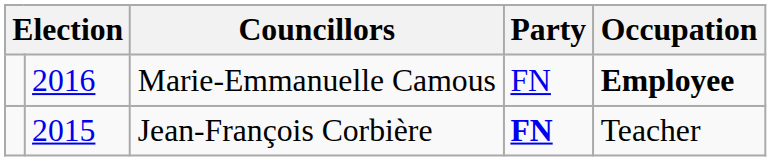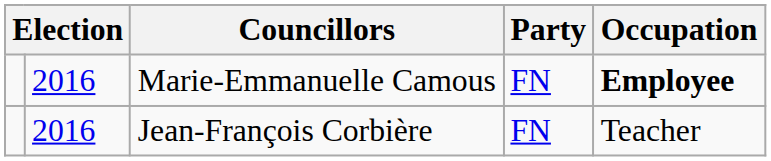 <table class="wikitable">
 <tr>
 <th colspan="2">Election</th>
 <th>Councillors</th>
 <th>Party</th>
 <th>Occupation</th>
 </tr>
 <tr>
 <td style="background-color: "></td>
 <td><a href='#'>2016</a></td>
 <td>Marie-Emmanuelle Camous</td>
 <td><a href='#'>FN</a></td>
 <td><strong>Employee</strong></td>
 </tr>
 <tr>
 <td style="background-color: "></td>
-<td><a href='#'>2015</a></td>
+<td><a href='#'>2016</a></td>
 <td>Jean-François Corbière</td>
-<td><strong><a href='#'>FN</a></strong></td>
+<td><a href='#'>FN</a></td>
 <td>Teacher</td>
 </tr>
 </table>
